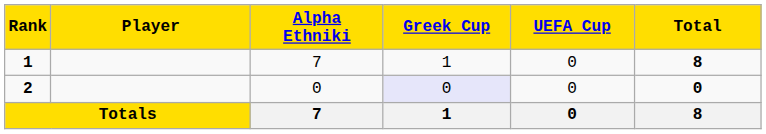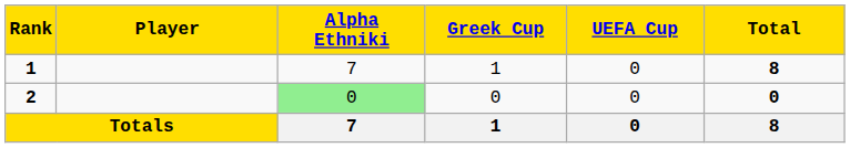 <table class="wikitable sortable" style="text-align:center">
 <tr>
 <th style="background:#FFDE00">Rank</th>
 <th width=200 style="background:#FFDE00">Player</th>
 <th width=120 style="background:#FFDE00"><a href='#'>Alpha Ethniki</a></th>
 <th width=120 style="background:#FFDE00"><a href='#'>Greek Cup</a></th>
 <th width=120 style="background:#FFDE00"><a href='#'>UEFA Cup</a></th>
 <th width=120 style="background:#FFDE00">Total</th>
 </tr>
 <tr>
 <td><strong>1</strong></td>
 <td align=left></td>
 <td>7</td>
 <td>1</td>
 <td>0</td>
 <td><strong>8</strong></td>
 </tr>
 <tr>
 <td><strong>2</strong></td>
 <td align=left></td>
+<td style="background: lightgreen;">0</td>
 <td>0</td>
-<td style="background: lavender;">0</td>
 <td>0</td>
 <td><strong>0</strong></td>
 </tr>
 <tr class="sortbottom">
 <th colspan=2 style="background:#FFDE00"><strong>Totals</strong></th>
 <th><strong> 7</strong></th>
 <th><strong> 1</strong></th>
 <th><strong> 0</strong></th>
 <th><strong> 8</strong></th>
 </tr>
 </table>
